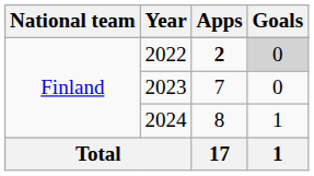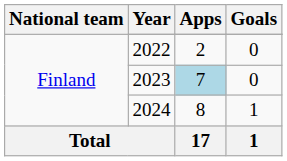 <table class="wikitable" style="text-align:center">
 <tr>
 <th>National team</th>
 <th>Year</th>
 <th>Apps</th>
 <th>Goals</th>
 </tr>
 <tr>
 <td rowspan=4><a href='#'>Finland</a></td>
 </tr>
 <tr>
 <td>2022</td>
-<td><strong>2</strong></td>
-<td style="background: lightgrey;">0</td>
+<td>2</td>
+<td>0</td>
 </tr>
 <tr>
 <td>2023</td>
-<td>7</td>
+<td style="background: lightblue;">7</td>
 <td>0</td>
 </tr>
 <tr>
 <td>2024</td>
 <td>8</td>
 <td>1</td>
 </tr>
 <tr>
 <th colspan="2">Total</th>
 <th>17</th>
 <th>1</th>
 </tr>
 </table>
